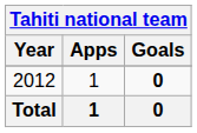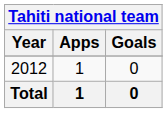 <table class="wikitable" style="text-align:center">
 <tr>
 <th colspan=3><a href='#'>Tahiti national team</a></th>
 </tr>
 <tr>
 <th>Year</th>
 <th>Apps</th>
 <th>Goals</th>
 </tr>
 <tr>
 </tr>
 <tr>
 <td>2012</td>
 <td>1</td>
-<td><strong>0</strong></td>
+<td>0</td>
 </tr>
 <tr>
 <th>Total</th>
 <th>1</th>
 <th>0</th>
 </tr>
 </table>
